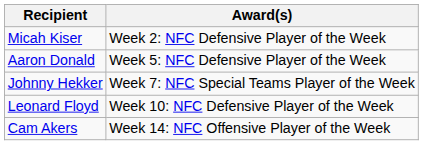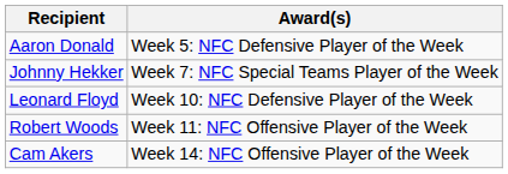 <table class="wikitable">
 <tr>
 <th>Recipient</th>
 <th>Award(s)</th>
-</tr>
-<tr>
-<td><a href='#'>Micah Kiser</a></td>
-<td>Week 2: <a href='#'>NFC</a> Defensive Player of the Week</td>
 </tr>
 <tr>
 <td><a href='#'>Aaron Donald</a></td>
 <td>Week 5: <a href='#'>NFC</a> Defensive Player of the Week</td>
 </tr>
 <tr>
 <td><a href='#'>Johnny Hekker</a></td>
 <td>Week 7: <a href='#'>NFC</a> Special Teams Player of the Week</td>
 </tr>
 <tr>
 <td><a href='#'>Leonard Floyd</a></td>
 <td>Week 10: <a href='#'>NFC</a> Defensive Player of the Week</td>
 </tr>
 <tr>
+<td><a href='#'>Robert Woods</a></td>
+<td>Week 11: <a href='#'>NFC</a> Offensive Player of the Week</td>
+</tr>
+<tr>
 <td><a href='#'>Cam Akers</a></td>
 <td>Week 14: <a href='#'>NFC</a> Offensive Player of the Week</td>
 </tr>
 </table>
